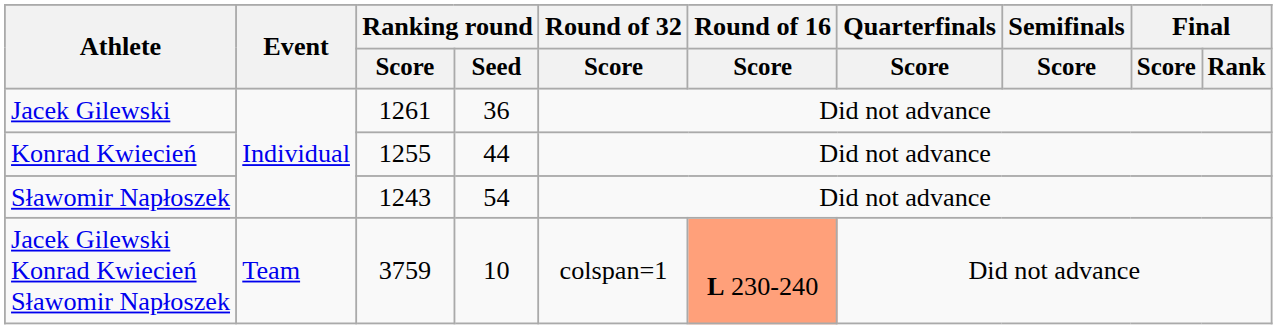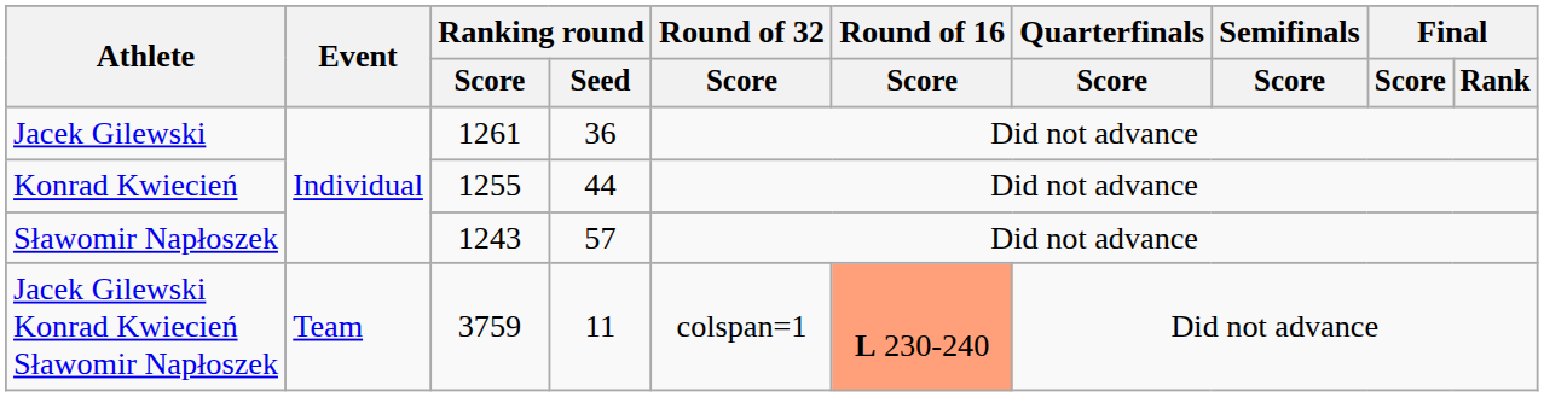 <table class="wikitable" style="font-size:90%">
 <tr>
 <th rowspan="2">Athlete</th>
 <th rowspan="2">Event</th>
 <th colspan="2">Ranking round</th>
 <th colspan="1">Round of 32</th>
 <th colspan="1">Round of 16</th>
 <th colspan="1">Quarterfinals</th>
 <th colspan="1">Semifinals</th>
 <th colspan="2">Final</th>
 </tr>
 <tr style="font-size:95%">
 <th>Score</th>
 <th>Seed</th>
 <th>Score</th>
 <th>Score</th>
 <th>Score</th>
 <th>Score</th>
 <th>Score</th>
 <th>Rank</th>
 </tr>
 <tr align=center>
 <td align=left><a href='#'>Jacek Gilewski</a></td>
 <td align=left rowspan=3><a href='#'>Individual</a></td>
 <td>1261</td>
 <td>36</td>
 <td colspan=7>Did not advance</td>
 </tr>
 <tr align=center>
 <td align=left><a href='#'>Konrad Kwiecień</a></td>
 <td>1255</td>
 <td>44</td>
 <td colspan=7>Did not advance</td>
 </tr>
 <tr align=center>
 <td align=left><a href='#'>Sławomir Napłoszek</a></td>
 <td>1243</td>
-<td>54</td>
+<td>57</td>
 <td colspan=7>Did not advance</td>
 </tr>
 <tr align=center>
 <td align=left><a href='#'>Jacek Gilewski</a><br><a href='#'>Konrad Kwiecień</a><br><a href='#'>Sławomir Napłoszek</a></td>
 <td align=left><a href='#'>Team</a></td>
 <td>3759</td>
-<td>10</td>
+<td>11</td>
 <td>colspan=1 </td>
 <td style="background: lightsalmon;"><br><strong>L</strong> 230-240</td>
 <td colspan=4>Did not advance</td>
 </tr>
 </table>
